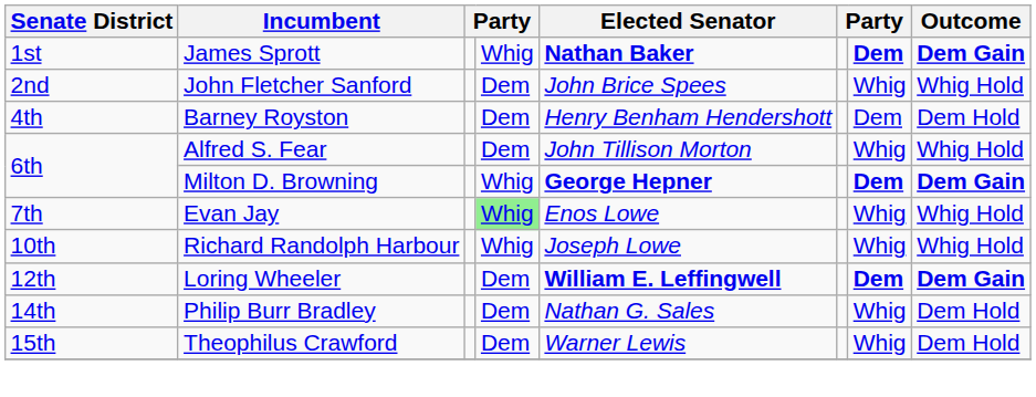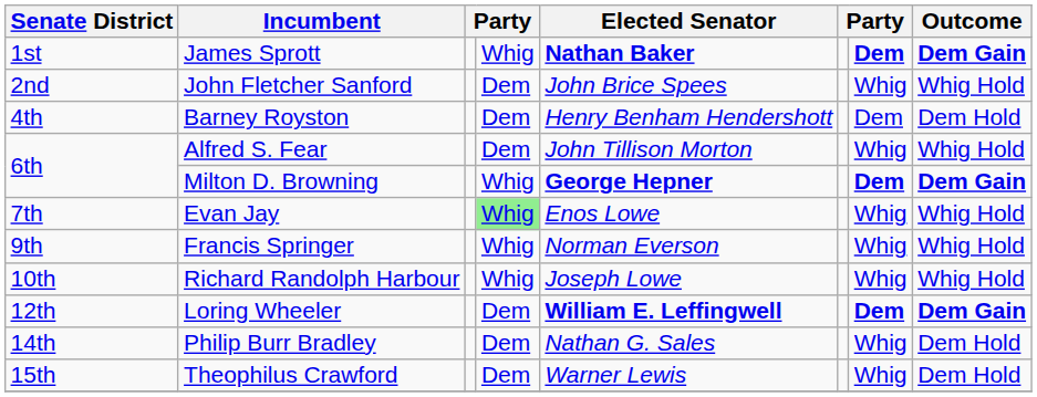 <table class="sortable wikitable" style="font-size:95%;line-height:14px;">
 <tr>
 <th class="sortable"><a href='#'>Senate</a> District</th>
 <th class="sortable"><a href='#'>Incumbent</a></th>
 <th colspan="2">Party</th>
 <th class="sortable">Elected Senator</th>
 <th colspan="2">Party</th>
 <th class="sortable">Outcome</th>
 </tr>
 <tr>
 <td><a href='#'>1st</a></td>
 <td><a href='#'>James Sprott</a></td>
 <td style="background:"></td>
 <td><a href='#'>Whig</a></td>
 <td><strong><a href='#'>Nathan Baker</a></strong></td>
 <td style="background:"></td>
 <td><strong><a href='#'>Dem</a></strong></td>
 <td><strong><a href='#'>Dem Gain</a></strong></td>
 </tr>
 <tr>
 <td><a href='#'>2nd</a></td>
 <td><a href='#'>John Fletcher Sanford</a></td>
 <td style="background:"></td>
 <td><a href='#'>Dem</a></td>
 <td><em><a href='#'>John Brice Spees</a></em></td>
 <td style="background:"></td>
 <td><a href='#'>Whig</a></td>
 <td><a href='#'>Whig Hold</a></td>
 </tr>
 <tr>
 <td><a href='#'>4th</a></td>
 <td><a href='#'>Barney Royston</a></td>
 <td style="background:"></td>
 <td><a href='#'>Dem</a></td>
 <td><em><a href='#'>Henry Benham Hendershott</a></em></td>
 <td style="background:"></td>
 <td><a href='#'>Dem</a></td>
 <td><a href='#'>Dem Hold</a></td>
 </tr>
 <tr>
 <td rowspan="2"><a href='#'>6th</a></td>
 <td><a href='#'>Alfred S. Fear</a></td>
 <td style="background:"></td>
 <td><a href='#'>Dem</a></td>
 <td><em><a href='#'>John Tillison Morton</a></em></td>
 <td style="background:"></td>
 <td><a href='#'>Whig</a></td>
 <td><a href='#'>Whig Hold</a></td>
 </tr>
 <tr>
 <td><a href='#'>Milton D. Browning</a></td>
 <td style="background:"></td>
 <td><a href='#'>Whig</a></td>
 <td><strong><a href='#'>George Hepner</a></strong></td>
 <td style="background:"></td>
 <td><strong><a href='#'>Dem</a></strong></td>
 <td><strong><a href='#'>Dem Gain</a></strong></td>
 </tr>
 <tr>
 <td><a href='#'>7th</a></td>
 <td><a href='#'>Evan Jay</a></td>
 <td style="background:"></td>
 <td style="background: lightgreen;"><a href='#'>Whig</a></td>
 <td><em><a href='#'>Enos Lowe</a></em></td>
 <td style="background:"></td>
 <td><a href='#'>Whig</a></td>
 <td><a href='#'>Whig Hold</a></td>
 </tr>
 <tr>
+<td><a href='#'>9th</a></td>
+<td><a href='#'>Francis Springer</a></td>
+<td style="background:"></td>
+<td><a href='#'>Whig</a></td>
+<td><em><a href='#'>Norman Everson</a></em></td>
+<td style="background:"></td>
+<td><a href='#'>Whig</a></td>
+<td><a href='#'>Whig Hold</a></td>
+</tr>
+<tr>
 <td><a href='#'>10th</a></td>
 <td><a href='#'>Richard Randolph Harbour</a></td>
 <td style="background:"></td>
 <td><a href='#'>Whig</a></td>
 <td><em><a href='#'>Joseph Lowe</a></em></td>
 <td style="background:"></td>
 <td><a href='#'>Whig</a></td>
 <td><a href='#'>Whig Hold</a></td>
 </tr>
 <tr>
 <td><a href='#'>12th</a></td>
 <td><a href='#'>Loring Wheeler</a></td>
 <td style="background:"></td>
 <td><a href='#'>Dem</a></td>
 <td><strong><a href='#'>William E. Leffingwell</a></strong></td>
 <td style="background:"></td>
 <td><strong><a href='#'>Dem</a></strong></td>
 <td><strong><a href='#'>Dem Gain</a></strong></td>
 </tr>
 <tr>
 <td><a href='#'>14th</a></td>
 <td><a href='#'>Philip Burr Bradley</a></td>
 <td style="background:"></td>
 <td><a href='#'>Dem</a></td>
 <td><em><a href='#'>Nathan G. Sales</a></em></td>
 <td style="background:"></td>
 <td><a href='#'>Whig</a></td>
 <td><a href='#'>Dem Hold</a></td>
 </tr>
 <tr>
 <td><a href='#'>15th</a></td>
 <td><a href='#'>Theophilus Crawford</a></td>
 <td style="background:"></td>
 <td><a href='#'>Dem</a></td>
 <td><em><a href='#'>Warner Lewis</a></em></td>
 <td style="background:"></td>
 <td><a href='#'>Whig</a></td>
 <td><a href='#'>Dem Hold</a></td>
 </tr>
 <tr>
 </tr>
 </table>
